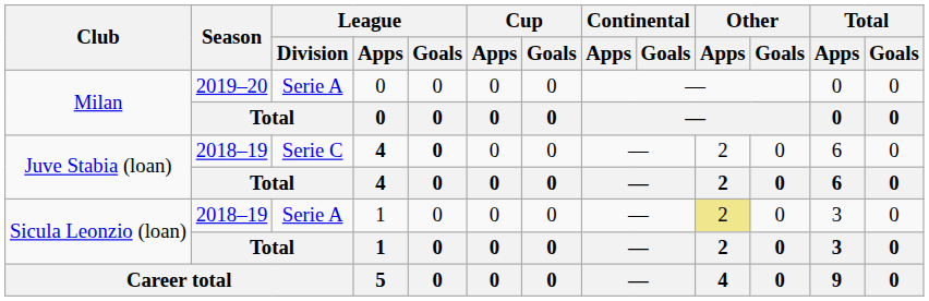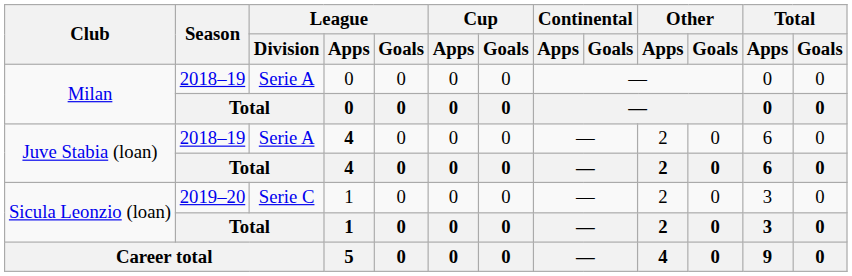 <table class="wikitable" style="text-align:center">
 <tr>
 <th rowspan="2">Club</th>
 <th rowspan="2">Season</th>
 <th colspan="3">League</th>
 <th colspan="2">Cup</th>
 <th colspan="2">Continental</th>
 <th colspan="2">Other</th>
 <th colspan="2">Total</th>
 </tr>
 <tr>
 <th>Division</th>
 <th>Apps</th>
 <th>Goals</th>
 <th>Apps</th>
 <th>Goals</th>
 <th>Apps</th>
 <th>Goals</th>
 <th>Apps</th>
 <th>Goals</th>
 <th>Apps</th>
 <th>Goals</th>
 </tr>
 <tr>
 <td rowspan="2" valign="center"><a href='#'>Milan</a></td>
-<td><a href='#'>2019–20</a></td>
+<td><a href='#'>2018–19</a></td>
 <td><a href='#'>Serie A</a></td>
 <td>0</td>
 <td>0</td>
 <td>0</td>
 <td>0</td>
 <td colspan="4">—</td>
 <td>0</td>
 <td>0</td>
 </tr>
 <tr>
 <th colspan="2">Total</th>
 <th>0</th>
 <th>0</th>
 <th>0</th>
 <th>0</th>
 <th colspan="4">—</th>
 <th>0</th>
 <th>0</th>
 </tr>
 <tr>
 <td rowspan="2" valign="center"><a href='#'>Juve Stabia</a> (loan)</td>
 <td><a href='#'>2018–19</a></td>
-<td><a href='#'>Serie C</a></td>
+<td><a href='#'>Serie A</a></td>
 <td><strong>4</strong></td>
-<td><strong>0</strong></td>
+<td>0</td>
 <td>0</td>
 <td>0</td>
 <td colspan="2">—</td>
 <td>2</td>
 <td>0</td>
 <td>6</td>
 <td>0</td>
 </tr>
 <tr>
 <th colspan="2">Total</th>
 <th>4</th>
 <th>0</th>
 <th>0</th>
 <th>0</th>
 <th colspan="2">—</th>
 <th>2</th>
 <th>0</th>
 <th>6</th>
 <th>0</th>
 </tr>
 <tr>
 <td rowspan="2" valign="center"><a href='#'>Sicula Leonzio</a> (loan)</td>
-<td><a href='#'>2018–19</a></td>
-<td><a href='#'>Serie A</a></td>
+<td><a href='#'>2019–20</a></td>
+<td><a href='#'>Serie C</a></td>
 <td>1</td>
 <td>0</td>
 <td>0</td>
 <td>0</td>
 <td colspan="2">—</td>
-<td style="background: khaki;">2</td>
+<td>2</td>
 <td>0</td>
 <td>3</td>
 <td>0</td>
 </tr>
 <tr>
 <th colspan="2">Total</th>
 <th>1</th>
 <th>0</th>
 <th>0</th>
 <th>0</th>
 <th colspan="2">—</th>
 <th>2</th>
 <th>0</th>
 <th>3</th>
 <th>0</th>
 </tr>
 <tr>
 <th colspan="3">Career total</th>
 <th>5</th>
 <th>0</th>
 <th>0</th>
 <th>0</th>
 <th colspan="2">—</th>
 <th>4</th>
 <th>0</th>
 <th>9</th>
 <th>0</th>
 </tr>
 </table>
